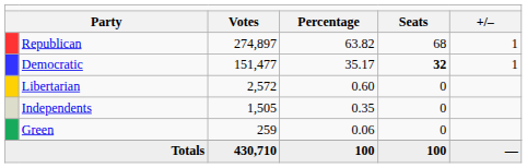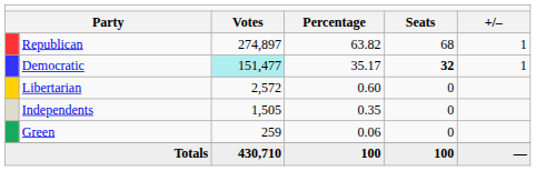 <table class="wikitable" style="font-size: 95%;">
 <tr>
 <td colspan="8" style="text-align:center"></td>
 </tr>
 <tr>
 <th colspan=2 style="width: 15em">Party</th>
 <th style="width: 5em">Votes</th>
 <th style="width: 7em">Percentage</th>
 <th style="width: 5em">Seats</th>
 <th style="width: 5em">+/–</th>
 </tr>
 <tr>
 <th style="background-color:#F33; width: 3px"></th>
 <td style="width: 130px"><a href='#'>Republican</a></td>
 <td style="text-align:right">274,897</td>
 <td style="text-align:right">63.82</td>
 <td style="text-align:right">68</td>
 <td style="text-align:right"> 1</td>
 </tr>
 <tr>
 <th style="background-color:#33F; width: 3px"></th>
 <td style="width: 130px"><a href='#'>Democratic</a></td>
-<td style="text-align:right">151,477</td>
+<td style="background: paleturquoise; text-align:right">151,477</td>
 <td style="text-align:right">35.17</td>
 <td style="text-align:right"><strong>32</strong></td>
 <td style="text-align:right"> 1</td>
 </tr>
 <tr>
 <th style="background-color:#fed105; width: 3px"></th>
 <td style="width: 130px"><a href='#'>Libertarian</a></td>
 <td style="text-align:right">2,572</td>
 <td style="text-align:right">0.60</td>
 <td style="text-align:right">0</td>
 <td style="text-align:right"></td>
 </tr>
 <tr>
 <th style="background-color:#DDDDCC; width: 3px"></th>
 <td style="width: 130px"><a href='#'>Independents</a></td>
 <td style="text-align:right">1,505</td>
 <td style="text-align:right">0.35</td>
 <td style="text-align:right">0</td>
 <td style="text-align:right"></td>
 </tr>
 <tr>
 <th style="background-color:#17aa5c; width: 3px"></th>
 <td style="width: 130px"><a href='#'>Green</a></td>
 <td style="text-align:right">259</td>
 <td style="text-align:right">0.06</td>
 <td style="text-align:right">0</td>
 <td style="text-align:right"></td>
 </tr>
 <tr>
 </tr>
 <tr style="background-color:#EEEEEE">
 <td colspan="2" style="text-align:right"><strong>Totals</strong></td>
 <td style="text-align:right"><strong>430,710</strong></td>
 <td style="text-align:right"><strong>100</strong></td>
 <td style="text-align:right"><strong>100</strong></td>
 <td style="text-align:right"><strong>—</strong></td>
 </tr>
 </table>
